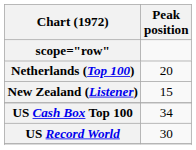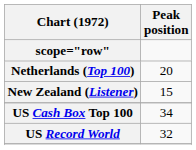 <table class="wikitable sortable plainrowheaders" style="text-align:center;">
 <tr>
 <th>Chart (1972)</th>
 <th>Peak<br>position</th>
 </tr>
 <tr>
 <th>scope="row"</th>
 </tr>
 <tr>
 <th scope="row">Netherlands (<em><a href='#'>Top 100</a></em>)</th>
 <td style="text-align:center;">20</td>
 </tr>
 <tr>
 <th scope="row">New Zealand (<em><a href='#'>Listener</a></em>)</th>
 <td style="text-align:center;">15</td>
 </tr>
 <tr>
 </tr>
 <tr>
 </tr>
 <tr>
 <th scope="row">US <em><a href='#'>Cash Box</a></em> Top 100</th>
 <td align="center">34</td>
 </tr>
 <tr>
 <th scope="row">US <em><a href='#'>Record World</a></em></th>
-<td align="center">30</td>
+<td align="center">32</td>
 </tr>
 <tr>
 </tr>
 <tr>
 </tr>
 </table>
